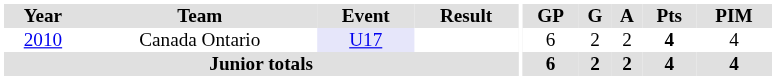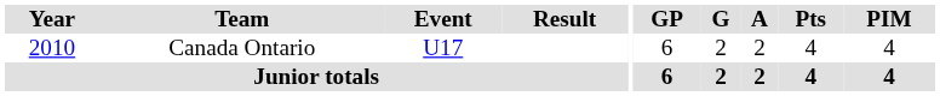 <table border="0" cellpadding="1" cellspacing="0" ID="Table3" style="text-align:center; width:40em">
 <tr ALIGN="center" bgcolor="#e0e0e0">
 <th>Year</th>
 <th>Team</th>
 <th>Event</th>
 <th>Result</th>
 <th rowspan="99" bgcolor="#ffffff"></th>
 <th>GP</th>
 <th>G</th>
 <th>A</th>
 <th>Pts</th>
 <th>PIM</th>
 </tr>
 <tr>
 <td><a href='#'>2010</a></td>
 <td>Canada Ontario</td>
-<td style="background: lavender;"><a href='#'>U17</a></td>
+<td><a href='#'>U17</a></td>
 <td></td>
 <td>6</td>
 <td>2</td>
 <td>2</td>
-<td><strong>4</strong></td>
+<td>4</td>
 <td>4</td>
 </tr>
 <tr bgcolor="#e0e0e0">
 <th colspan=4>Junior totals</th>
 <th>6</th>
 <th>2</th>
 <th>2</th>
 <th>4</th>
 <th>4</th>
 </tr>
 </table>
